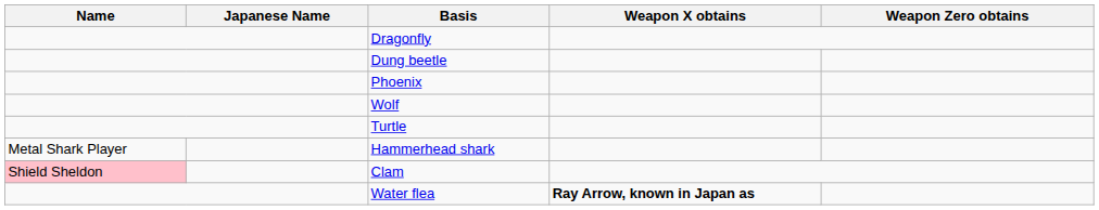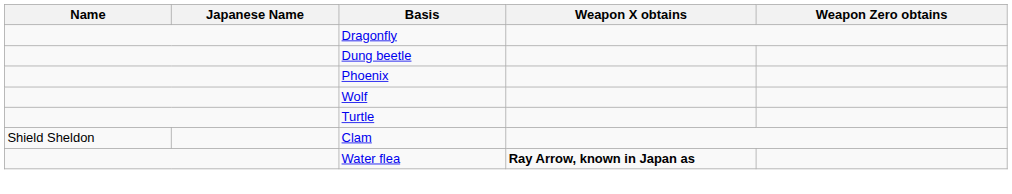 <table class="wikitable" style="width:98%;">
 <tr>
 <th style="width:10%;">Name</th>
 <th style="width:10%;">Japanese Name</th>
 <th style="width:10%;">Basis</th>
 <th style="width:15%;">Weapon X obtains</th>
 <th style="width:15%;">Weapon Zero obtains</th>
 </tr>
 <tr>
 <td colspan="2"></td>
 <td><a href='#'>Dragonfly</a></td>
 <td colspan="2"></td>
 </tr>
 <tr>
 <td colspan="2"></td>
 <td><a href='#'>Dung beetle</a></td>
 <td></td>
 <td></td>
 </tr>
 <tr>
 <td colspan="2"></td>
 <td><a href='#'>Phoenix</a></td>
 <td></td>
 <td></td>
 </tr>
 <tr>
 <td colspan="2"></td>
 <td><a href='#'>Wolf</a></td>
 <td></td>
 <td></td>
 </tr>
 <tr>
 <td colspan="2"></td>
 <td><a href='#'>Turtle</a></td>
 <td></td>
 <td></td>
 </tr>
 <tr>
-<td>Metal Shark Player</td>
-<td></td>
-<td><a href='#'>Hammerhead shark</a></td>
-<td></td>
-<td></td>
-</tr>
-<tr>
-<td style="background: pink;">Shield Sheldon</td>
+<td>Shield Sheldon</td>
 <td></td>
 <td><a href='#'>Clam</a></td>
 <td colspan="2"></td>
 </tr>
 <tr>
 <td colspan="2"></td>
 <td><a href='#'>Water flea</a></td>
 <td><strong>Ray Arrow, known in Japan as </strong></td>
 <td></td>
 </tr>
 </table>
